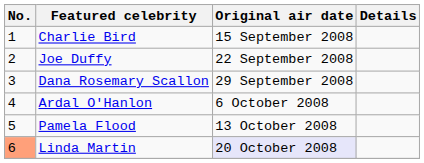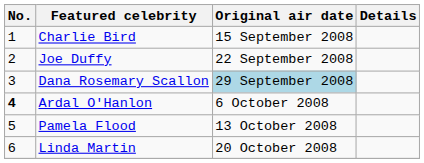 <table class="wikitable">
 <tr>
 <th>No.</th>
 <th>Featured celebrity</th>
 <th>Original air date</th>
 <th>Details</th>
 </tr>
 <tr>
 <td>1</td>
 <td><a href='#'>Charlie Bird</a></td>
 <td>15 September 2008</td>
 <td> </td>
 </tr>
 <tr>
 <td>2</td>
 <td><a href='#'>Joe Duffy</a></td>
 <td>22 September 2008</td>
 <td> </td>
 </tr>
 <tr>
 <td>3</td>
 <td><a href='#'>Dana Rosemary Scallon</a></td>
-<td>29 September 2008</td>
+<td style="background: lightblue;">29 September 2008</td>
 <td> </td>
 </tr>
 <tr>
-<td>4</td>
+<td><strong>4</strong></td>
 <td><a href='#'>Ardal O'Hanlon</a></td>
 <td>6 October 2008</td>
 <td> </td>
 </tr>
 <tr>
 <td>5</td>
 <td><a href='#'>Pamela Flood</a></td>
 <td>13 October 2008</td>
 <td> </td>
 </tr>
 <tr>
-<td style="background: lightsalmon;">6</td>
+<td>6</td>
 <td><a href='#'>Linda Martin</a></td>
-<td style="background: lavender;">20 October 2008</td>
+<td>20 October 2008</td>
 <td> </td>
 </tr>
 <tr>
 </tr>
 </table>
